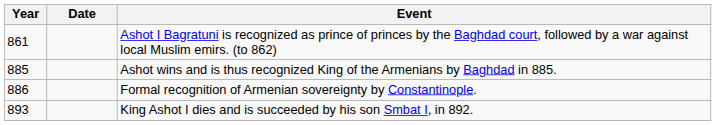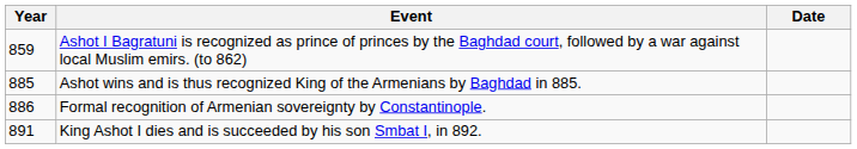 <table class="wikitable" width="100%">
 <tr>
 <th style="width:6%">Year</th>
+<th>Event</th>
 <th style="width:10%">Date</th>
-<th>Event</th>
 </tr>
 <tr>
-<td>861</td>
+<td>859</td>
+<td><a href='#'>Ashot I Bagratuni</a> is recognized as prince of princes by the <a href='#'>Baghdad court</a>, followed by a war against local Muslim emirs. (to 862)</td>
 <td></td>
-<td><a href='#'>Ashot I Bagratuni</a> is recognized as prince of princes by the <a href='#'>Baghdad court</a>, followed by a war against local Muslim emirs. (to 862)</td>
 </tr>
 <tr>
 <td>885</td>
+<td>Ashot wins and is thus recognized King of the Armenians by <a href='#'>Baghdad</a> in 885.</td>
 <td></td>
-<td>Ashot wins and is thus recognized King of the Armenians by <a href='#'>Baghdad</a> in 885.</td>
 </tr>
 <tr>
 <td>886</td>
+<td>Formal recognition of Armenian sovereignty by <a href='#'>Constantinople</a>.</td>
 <td></td>
-<td>Formal recognition of Armenian sovereignty by <a href='#'>Constantinople</a>.</td>
 </tr>
 <tr>
-<td>893</td>
+<td>891</td>
+<td>King Ashot I dies and is succeeded by his son <a href='#'>Smbat I</a>, in 892.</td>
 <td></td>
-<td>King Ashot I dies and is succeeded by his son <a href='#'>Smbat I</a>, in 892.</td>
 </tr>
 </table>
